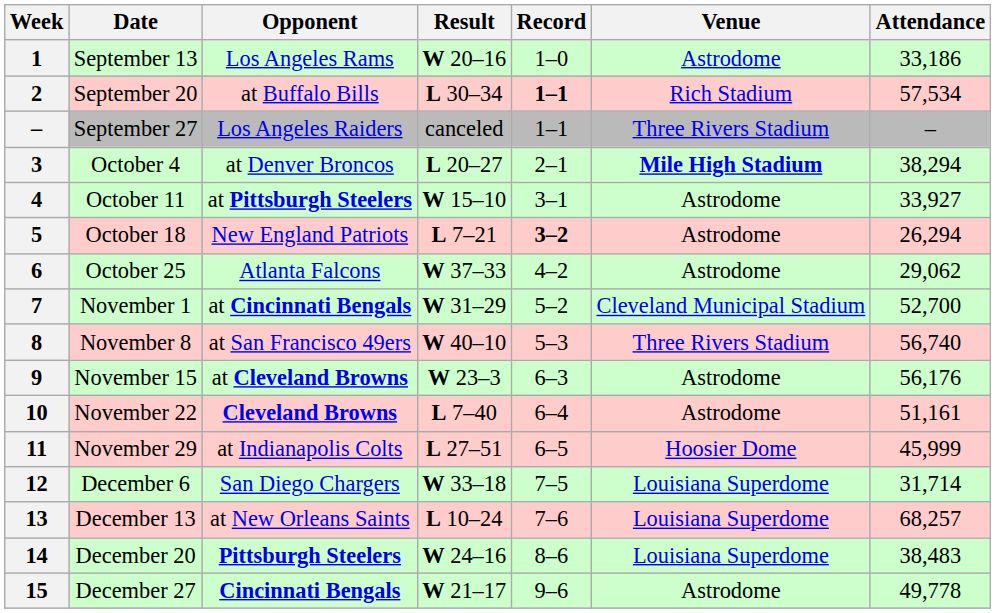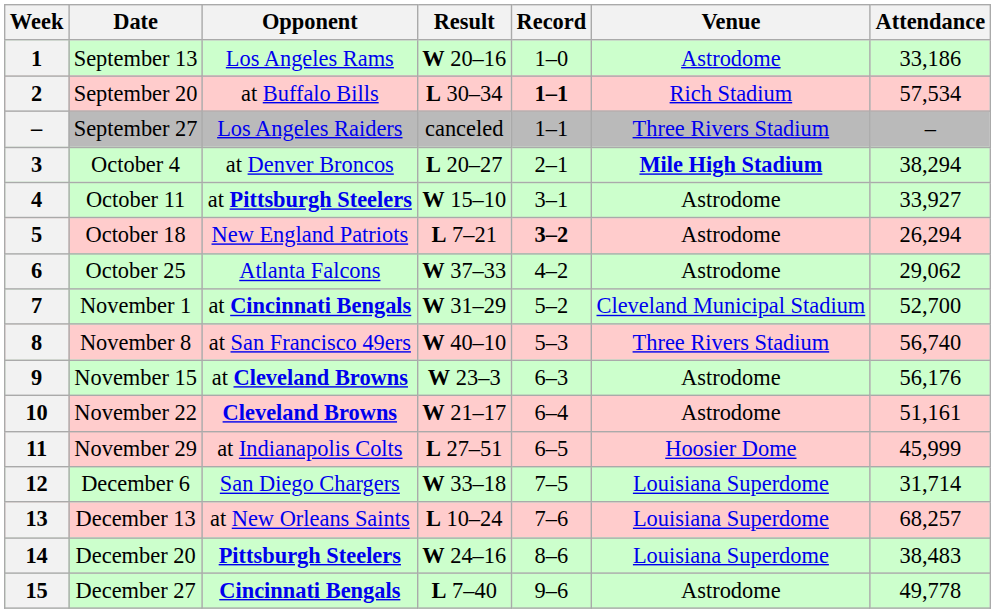 <table class="wikitable" style="text-align:center">
 <tr>
 <th>Week</th>
 <th>Date</th>
 <th>Opponent</th>
 <th>Result</th>
 <th>Record</th>
 <th>Venue</th>
 <th>Attendance</th>
 </tr>
 <tr style="background:#cfc">
 <th>1</th>
 <td>September 13</td>
 <td><a href='#'>Los Angeles Rams</a></td>
 <td><strong>W</strong> 20–16</td>
 <td>1–0</td>
 <td><a href='#'>Astrodome</a></td>
 <td>33,186</td>
 </tr>
 <tr style="background:#fcc">
 <th>2</th>
 <td>September 20</td>
 <td>at <a href='#'>Buffalo Bills</a></td>
 <td><strong>L</strong> 30–34</td>
 <td><strong>1–1</strong></td>
 <td><a href='#'>Rich Stadium</a></td>
 <td>57,534</td>
 </tr>
 <tr style="background:#bababa">
 <th>–</th>
 <td>September 27</td>
 <td><a href='#'>Los Angeles Raiders</a></td>
 <td>canceled</td>
 <td>1–1</td>
 <td><a href='#'>Three Rivers Stadium</a></td>
 <td>–</td>
 </tr>
 <tr style="background:#cfc">
 <th>3</th>
 <td>October 4</td>
 <td>at <a href='#'>Denver Broncos</a></td>
 <td><strong>L</strong> 20–27</td>
 <td>2–1</td>
 <td><strong><a href='#'>Mile High Stadium</a></strong></td>
 <td>38,294</td>
 </tr>
 <tr style="background:#cfc">
 <th>4</th>
 <td>October 11</td>
 <td>at <strong><a href='#'>Pittsburgh Steelers</a></strong></td>
 <td><strong>W</strong> 15–10</td>
 <td>3–1</td>
 <td>Astrodome</td>
 <td>33,927</td>
 </tr>
 <tr style="background:#fcc">
 <th>5</th>
 <td>October 18</td>
 <td><a href='#'>New England Patriots</a></td>
 <td><strong>L</strong> 7–21</td>
 <td><strong>3–2</strong></td>
 <td>Astrodome</td>
 <td>26,294</td>
 </tr>
 <tr style="background:#cfc">
 <th>6</th>
 <td>October 25</td>
 <td><a href='#'>Atlanta Falcons</a></td>
 <td><strong>W</strong> 37–33</td>
 <td>4–2</td>
 <td>Astrodome</td>
 <td>29,062</td>
 </tr>
 <tr style="background:#cfc">
 <th>7</th>
 <td>November 1</td>
 <td>at <strong><a href='#'>Cincinnati Bengals</a></strong></td>
 <td><strong>W</strong> 31–29</td>
 <td>5–2</td>
 <td><a href='#'>Cleveland Municipal Stadium</a></td>
 <td>52,700</td>
 </tr>
 <tr style="background:#fcc">
 <th>8</th>
 <td>November 8</td>
 <td>at <a href='#'>San Francisco 49ers</a></td>
 <td><strong>W</strong> 40–10</td>
 <td>5–3</td>
 <td><a href='#'>Three Rivers Stadium</a></td>
 <td>56,740</td>
 </tr>
 <tr style="background:#cfc">
 <th>9</th>
 <td>November 15</td>
 <td>at <strong><a href='#'>Cleveland Browns</a></strong></td>
 <td><strong>W</strong> 23–3</td>
 <td>6–3</td>
 <td>Astrodome</td>
 <td>56,176</td>
 </tr>
 <tr style="background:#fcc">
 <th>10</th>
 <td>November 22</td>
 <td><strong><a href='#'>Cleveland Browns</a></strong></td>
-<td><strong>L</strong> 7–40</td>
+<td><strong>W</strong> 21–17</td>
 <td>6–4</td>
 <td>Astrodome</td>
 <td>51,161</td>
 </tr>
 <tr style="background:#fcc">
 <th>11</th>
 <td>November 29</td>
 <td>at <a href='#'>Indianapolis Colts</a></td>
 <td><strong>L</strong> 27–51</td>
 <td>6–5</td>
 <td><a href='#'>Hoosier Dome</a></td>
 <td>45,999</td>
 </tr>
 <tr style="background:#cfc">
 <th>12</th>
 <td>December 6</td>
 <td><a href='#'>San Diego Chargers</a></td>
 <td><strong>W</strong> 33–18</td>
 <td>7–5</td>
 <td><a href='#'>Louisiana Superdome</a></td>
 <td>31,714</td>
 </tr>
 <tr style="background:#fcc">
 <th>13</th>
 <td>December 13</td>
 <td>at <a href='#'>New Orleans Saints</a></td>
 <td><strong>L</strong> 10–24</td>
 <td>7–6</td>
 <td><a href='#'>Louisiana Superdome</a></td>
 <td>68,257</td>
 </tr>
 <tr style="background:#cfc">
 <th>14</th>
 <td>December 20</td>
 <td><strong><a href='#'>Pittsburgh Steelers</a></strong></td>
 <td><strong>W</strong> 24–16</td>
 <td>8–6</td>
 <td><a href='#'>Louisiana Superdome</a></td>
 <td>38,483</td>
 </tr>
 <tr style="background:#cfc">
 <th>15</th>
 <td>December 27</td>
 <td><strong><a href='#'>Cincinnati Bengals</a></strong></td>
-<td><strong>W</strong> 21–17</td>
+<td><strong>L</strong> 7–40</td>
 <td>9–6</td>
 <td>Astrodome</td>
 <td>49,778</td>
 </tr>
 </table>
